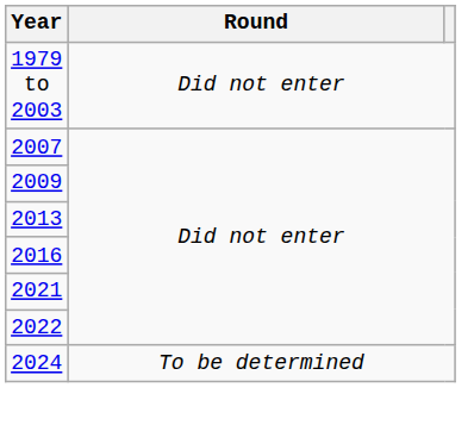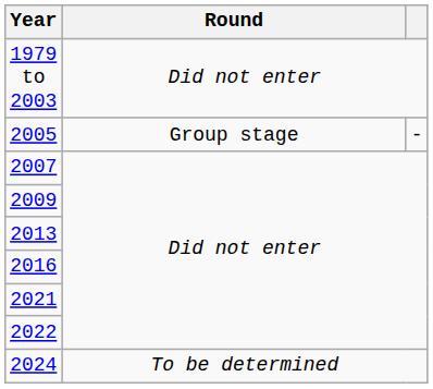 <table class="wikitable" style="text-align: center; font-size:90%">
 <tr>
 <th>Year</th>
 <th style="width:200px">Round</th>
 <th></th>
 </tr>
 <tr>
 <td><a href='#'>1979</a><br>to<br><a href='#'>2003</a></td>
 <td colspan="2"><em>Did not enter</em></td>
+</tr>
+<tr>
+<td><a href='#'>2005</a></td>
+<td>Group stage</td>
+<td>-</td>
 </tr>
 <tr>
 <td><a href='#'>2007</a></td>
 <td colspan="2" rowspan="6"><em>Did not enter</em></td>
 </tr>
 <tr>
 <td><a href='#'>2009</a></td>
 </tr>
 <tr>
 <td><a href='#'>2013</a></td>
 </tr>
 <tr>
 <td><a href='#'>2016</a></td>
 </tr>
 <tr>
 <td><a href='#'>2021</a></td>
 </tr>
 <tr>
 <td><a href='#'>2022</a></td>
 </tr>
 <tr>
 <td><a href='#'>2024</a></td>
 <td colspan="2"><em>To be determined</em></td>
 </tr>
 </table>
